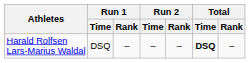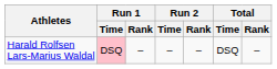 <table class="wikitable" style="font-size:90%">
 <tr>
 <th rowspan="2">Athletes</th>
 <th colspan="2">Run 1</th>
 <th colspan="2">Run 2</th>
 <th colspan="2">Total</th>
 </tr>
 <tr>
 <th>Time</th>
 <th>Rank</th>
 <th>Time</th>
 <th>Rank</th>
 <th>Time</th>
 <th>Rank</th>
 </tr>
 <tr>
 <td><a href='#'>Harald Rolfsen</a><br><a href='#'>Lars-Marius Waldal</a></td>
-<td align="center">DSQ</td>
+<td align="center" style="background: pink;">DSQ</td>
 <td align="center">–</td>
 <td align="center">–</td>
 <td align="center">–</td>
-<td align="center"><strong>DSQ</strong></td>
+<td align="center">DSQ</td>
 <td align="center">–</td>
 </tr>
 </table>
